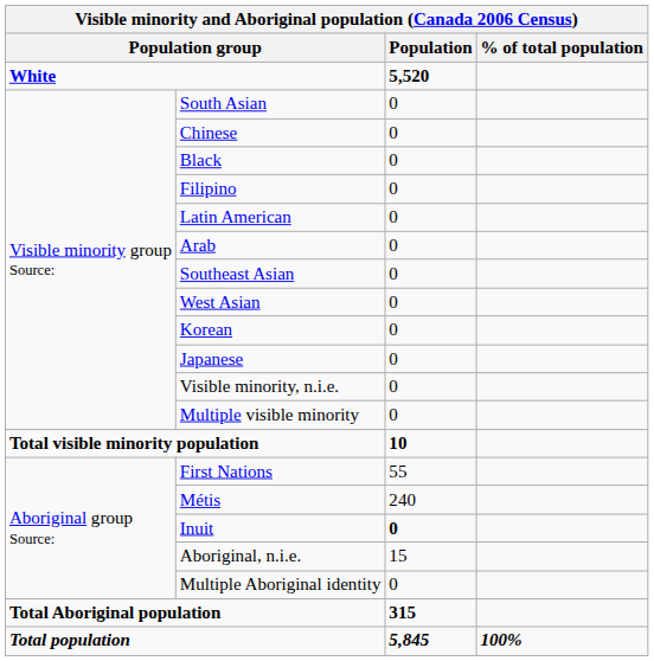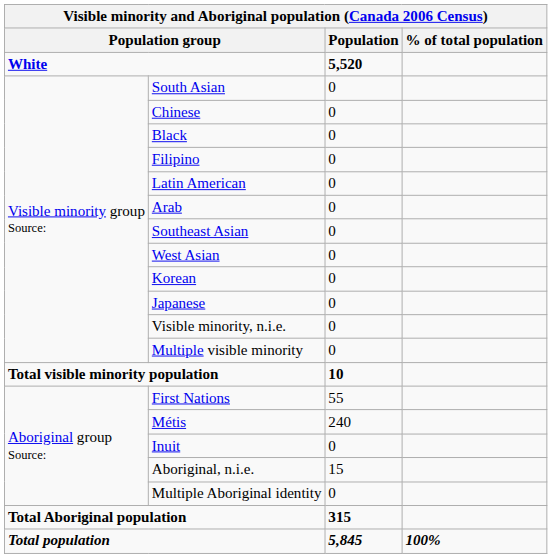 <table class="wikitable">
 <tr>
 <th colspan=4>Visible minority and Aboriginal population (<a href='#'>Canada 2006 Census</a>)</th>
 </tr>
 <tr>
 <th colspan=2>Population group</th>
 <th>Population</th>
 <th>% of total population</th>
 </tr>
 <tr>
 <td colspan=2><strong><a href='#'>White</a></strong></td>
 <td><strong>5,520</strong></td>
 <td><strong></strong></td>
 </tr>
 <tr>
 <td rowspan=12><a href='#'>Visible minority</a> group<br><small>Source:</small></td>
 <td><a href='#'>South Asian</a></td>
 <td>0</td>
 <td></td>
 </tr>
 <tr>
 <td><a href='#'>Chinese</a></td>
 <td>0</td>
 <td></td>
 </tr>
 <tr>
 <td><a href='#'>Black</a></td>
 <td>0</td>
 <td></td>
 </tr>
 <tr>
 <td><a href='#'>Filipino</a></td>
 <td>0</td>
 <td></td>
 </tr>
 <tr>
 <td><a href='#'>Latin American</a></td>
 <td>0</td>
 <td></td>
 </tr>
 <tr>
 <td><a href='#'>Arab</a></td>
 <td>0</td>
 <td></td>
 </tr>
 <tr>
 <td><a href='#'>Southeast Asian</a></td>
 <td>0</td>
 <td></td>
 </tr>
 <tr>
 <td><a href='#'>West Asian</a></td>
 <td>0</td>
 <td></td>
 </tr>
 <tr>
 <td><a href='#'>Korean</a></td>
 <td>0</td>
 <td></td>
 </tr>
 <tr>
 <td><a href='#'>Japanese</a></td>
 <td>0</td>
 <td></td>
 </tr>
 <tr>
 <td>Visible minority, n.i.e.</td>
 <td>0</td>
 <td></td>
 </tr>
 <tr>
 <td><a href='#'>Multiple</a> visible minority</td>
 <td>0</td>
 <td></td>
 </tr>
 <tr>
 <td colspan=2><strong>Total visible minority population</strong></td>
 <td><strong>10</strong></td>
 <td><strong></strong></td>
 </tr>
 <tr>
 <td rowspan=5><a href='#'>Aboriginal</a> group<br><small>Source:</small></td>
 <td><a href='#'>First Nations</a></td>
 <td>55</td>
 <td></td>
 </tr>
 <tr>
 <td><a href='#'>Métis</a></td>
 <td>240</td>
 <td></td>
 </tr>
 <tr>
 <td><a href='#'>Inuit</a></td>
-<td><strong>0</strong></td>
+<td>0</td>
 <td></td>
 </tr>
 <tr>
 <td>Aboriginal, n.i.e.</td>
 <td>15</td>
 <td></td>
 </tr>
 <tr>
 <td>Multiple Aboriginal identity</td>
 <td>0</td>
 <td></td>
 </tr>
 <tr>
 <td colspan=2><strong>Total Aboriginal population</strong></td>
 <td><strong>315</strong></td>
 <td><strong></strong></td>
 </tr>
 <tr>
 <td colspan=2><strong><em>Total population</em></strong></td>
 <td><strong><em>5,845</em></strong></td>
 <td><strong><em>100%</em></strong></td>
 </tr>
 </table>
